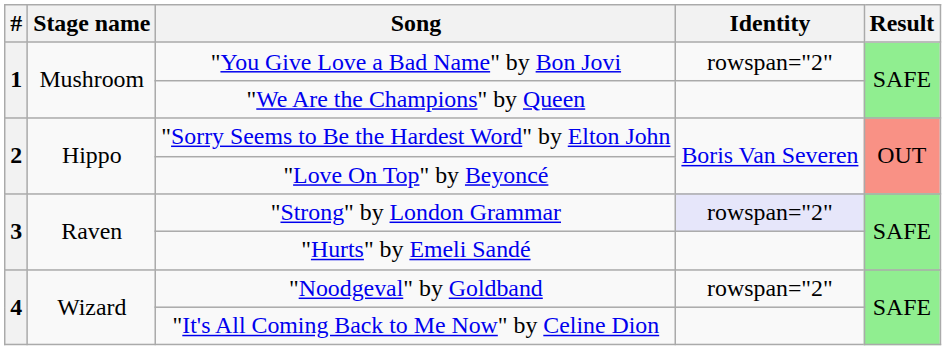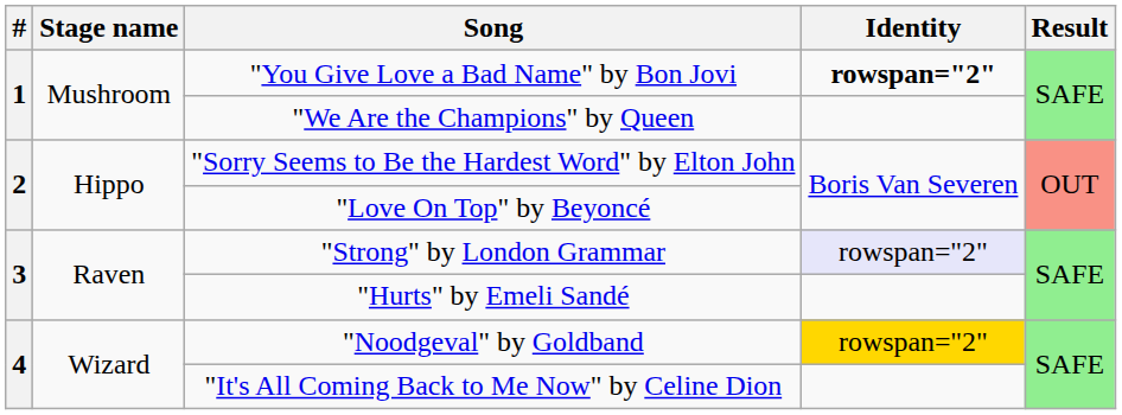 <table class="wikitable plainrowheaders" style="text-align: center;">
 <tr>
 <th>#</th>
 <th>Stage name</th>
 <th>Song</th>
 <th>Identity</th>
 <th>Result</th>
 </tr>
 <tr>
 <th rowspan="2">1</th>
 <td rowspan="2">Mushroom</td>
 <td>"<a href='#'>You Give Love a Bad Name</a>" by <a href='#'>Bon Jovi</a></td>
-<td>rowspan="2" </td>
+<td><strong>rowspan="2" </strong></td>
 <td rowspan="2" bgcolor=lightgreen>SAFE</td>
 </tr>
 <tr>
 <td>"<a href='#'>We Are the Champions</a>" by <a href='#'>Queen</a></td>
 </tr>
 <tr>
 <th rowspan="2">2</th>
 <td rowspan="2">Hippo</td>
 <td>"<a href='#'>Sorry Seems to Be the Hardest Word</a>" by <a href='#'>Elton John</a></td>
 <td rowspan="2"><a href='#'>Boris Van Severen</a></td>
 <td rowspan="2" bgcolor="#F99185">OUT</td>
 </tr>
 <tr>
 <td>"<a href='#'>Love On Top</a>" by <a href='#'>Beyoncé</a></td>
 </tr>
 <tr>
 <th rowspan="2">3</th>
 <td rowspan="2">Raven</td>
 <td>"<a href='#'>Strong</a>" by <a href='#'>London Grammar</a></td>
 <td style="background: lavender;">rowspan="2" </td>
 <td rowspan="2" bgcolor=lightgreen>SAFE</td>
 </tr>
 <tr>
 <td>"<a href='#'>Hurts</a>" by <a href='#'>Emeli Sandé</a></td>
 </tr>
 <tr>
 <th rowspan="2">4</th>
 <td rowspan="2">Wizard</td>
 <td>"<a href='#'>Noodgeval</a>" by <a href='#'>Goldband</a></td>
-<td>rowspan="2" </td>
+<td style="background: gold;">rowspan="2" </td>
 <td rowspan="2" bgcolor=lightgreen>SAFE</td>
 </tr>
 <tr>
 <td>"<a href='#'>It's All Coming Back to Me Now</a>" by <a href='#'>Celine Dion</a></td>
 </tr>
 </table>
